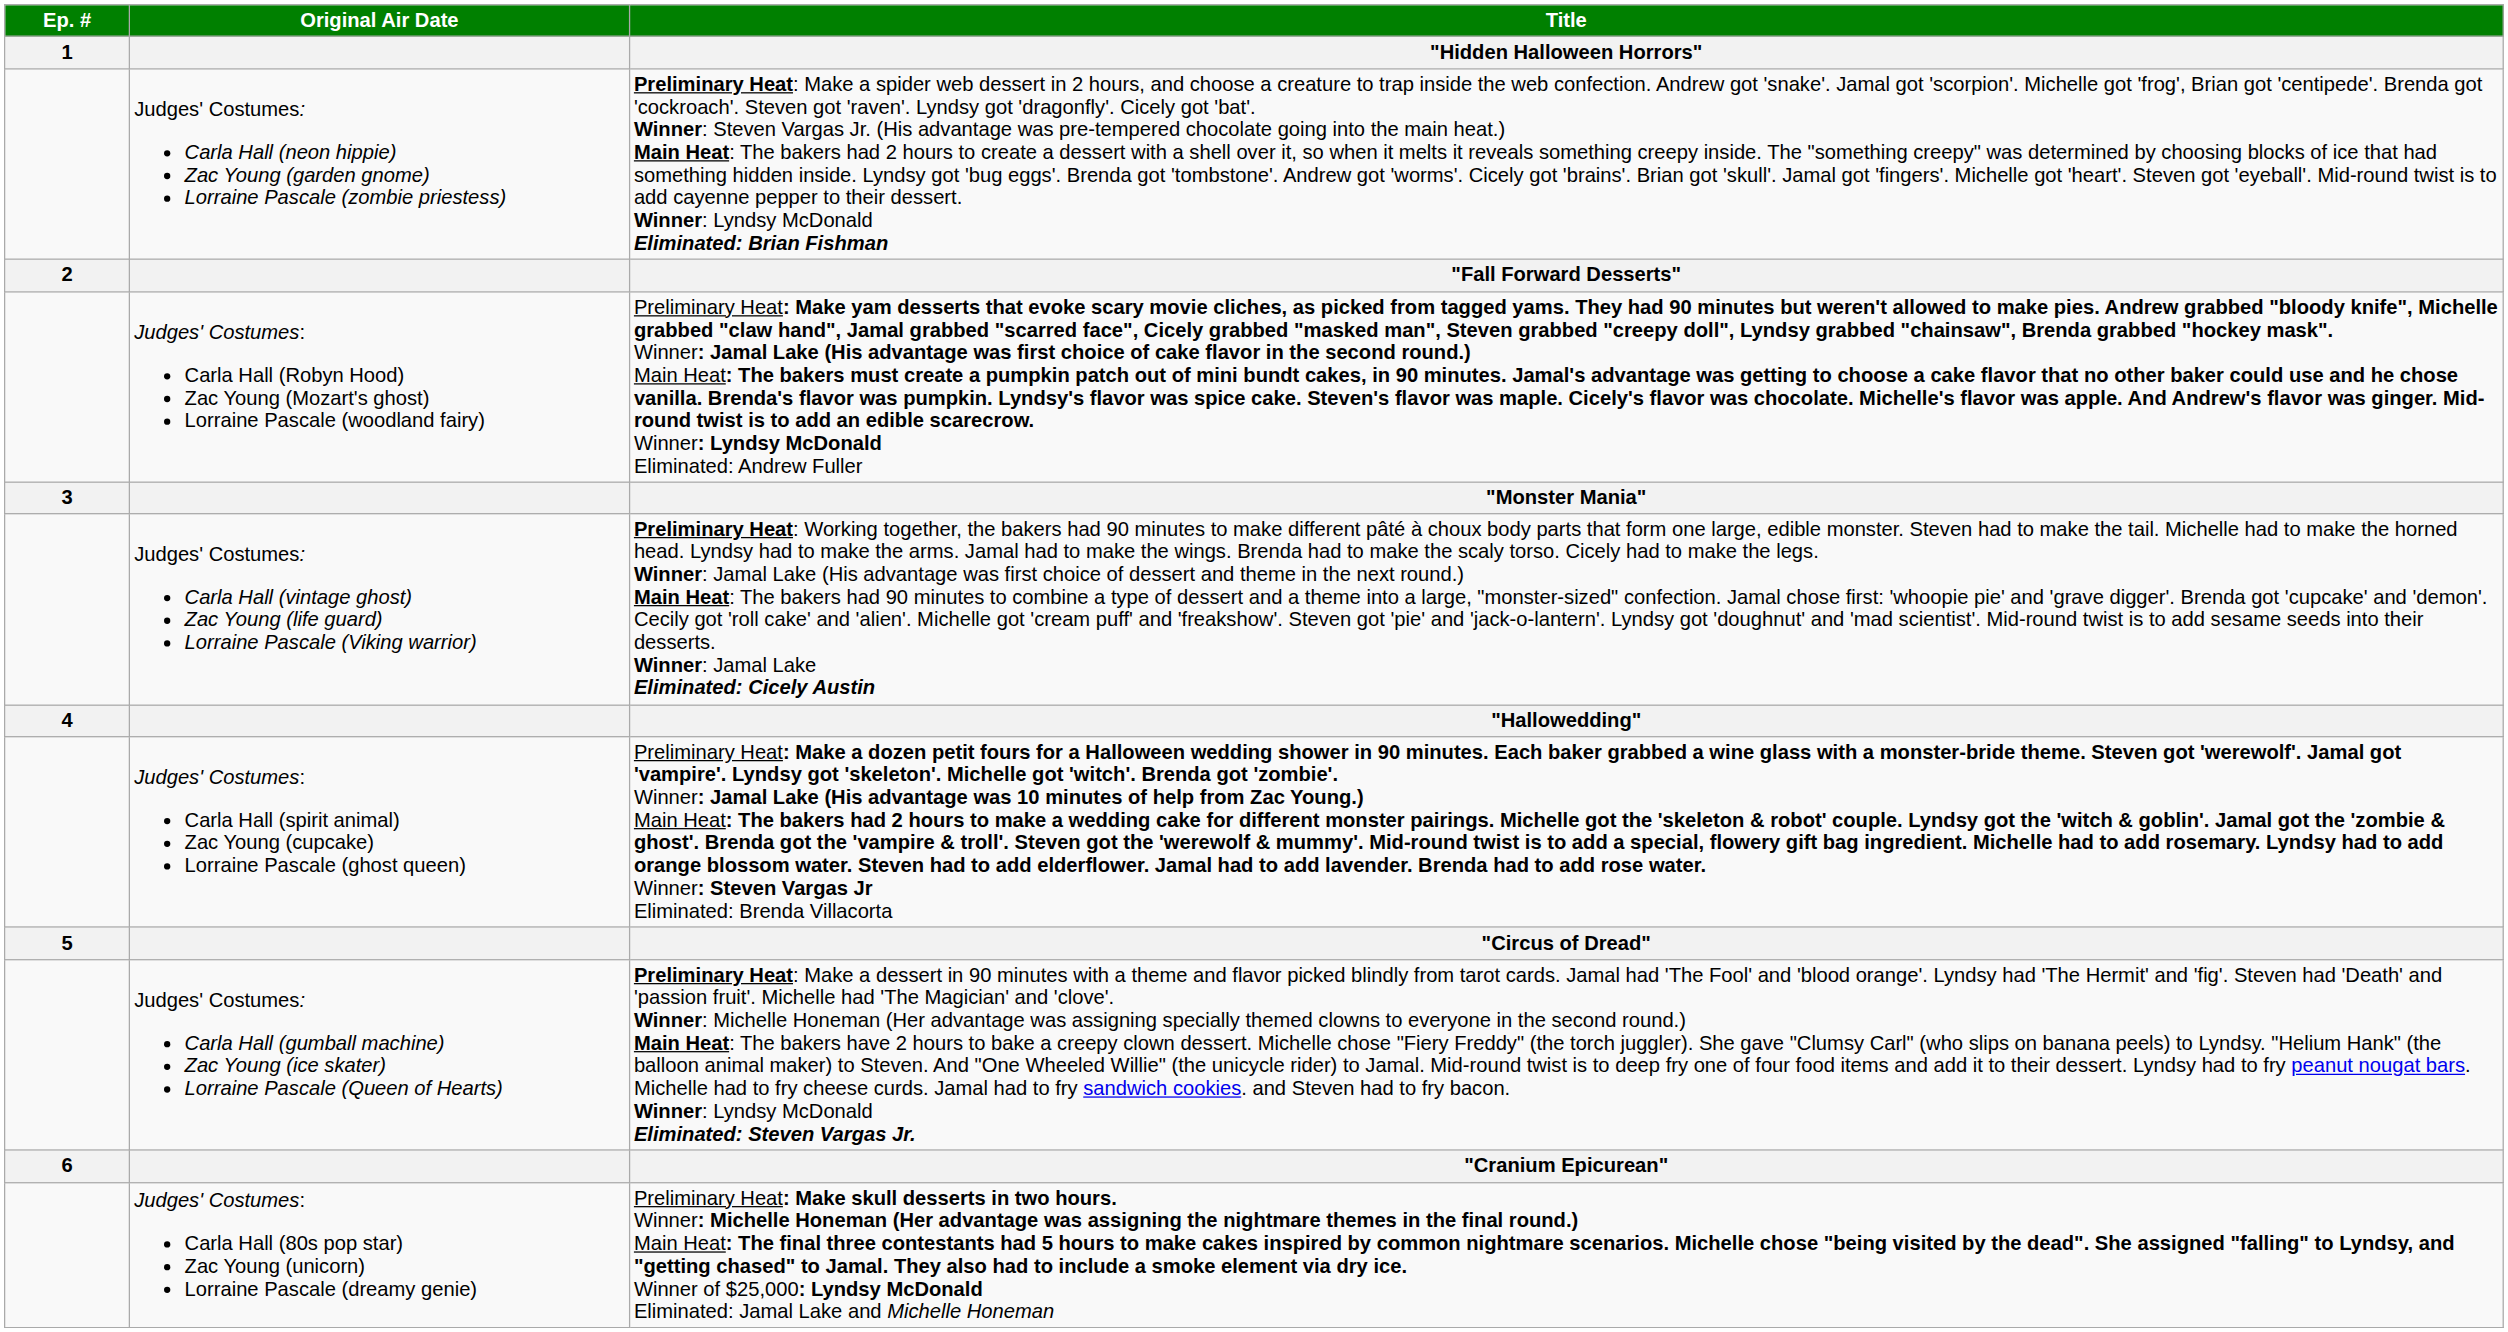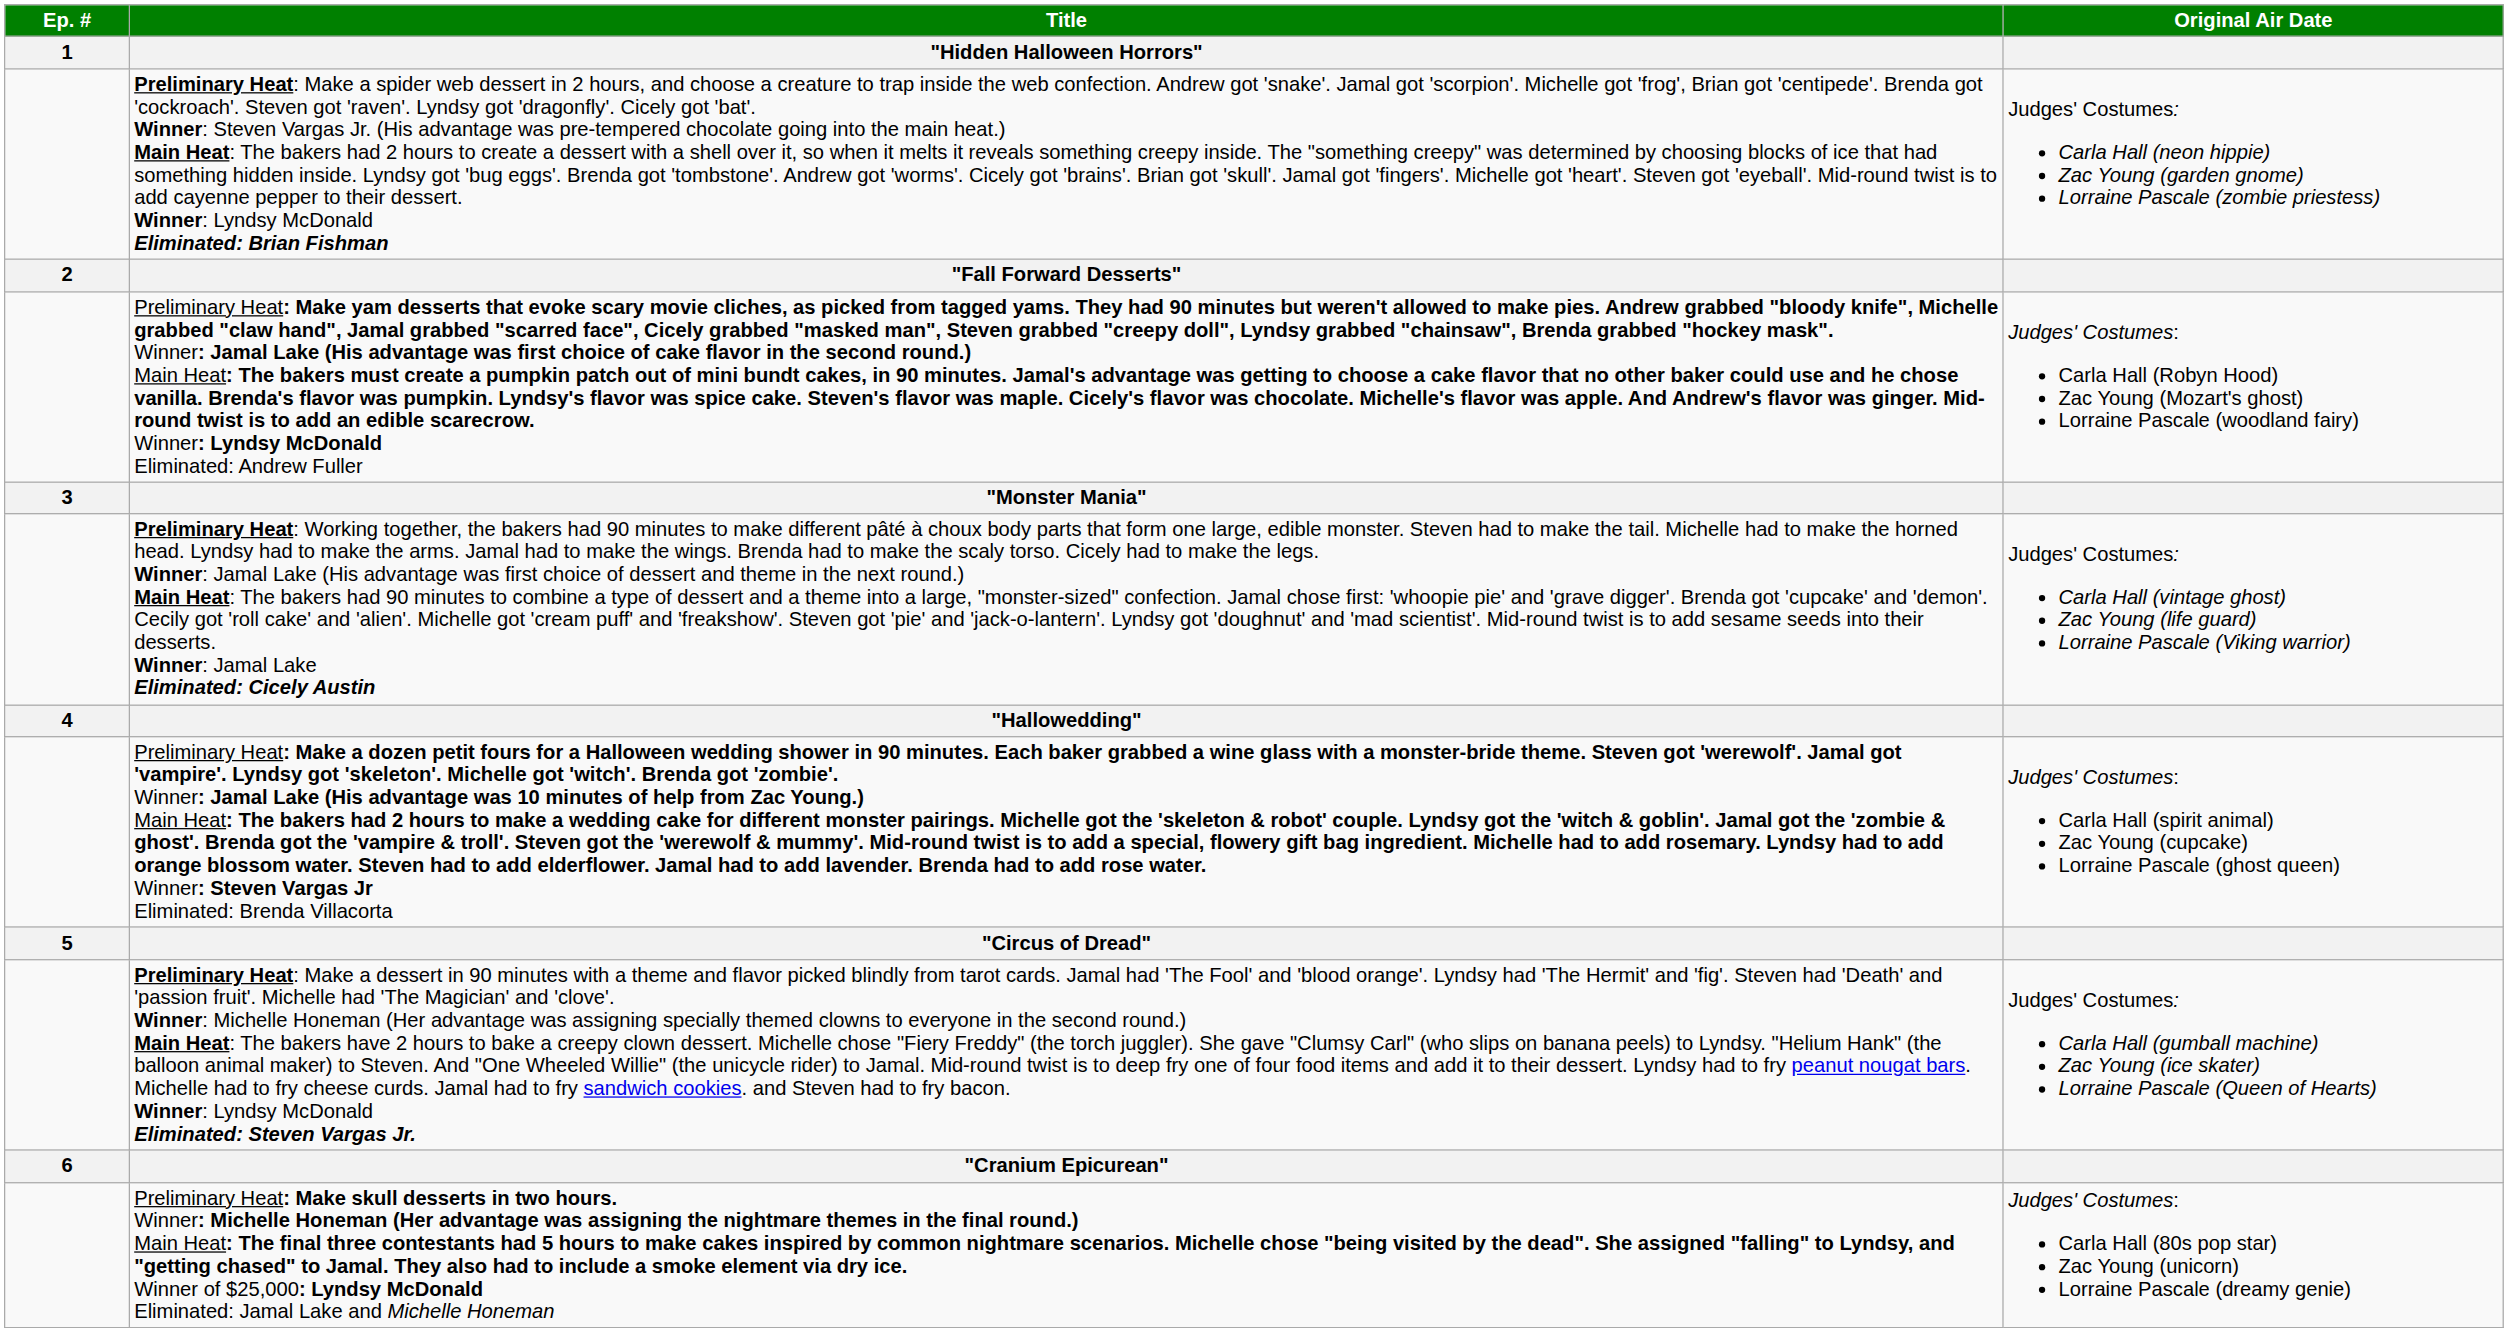 <table class="wikitable plainrowheaders" style="width:100%">
 <tr>
 <th style="background-color: #008000; color: #fff;" width=5%>Ep. #</th>
+<th style="background-color: #008000; color: #fff;">Title</th>
 <th style="background-color: #008000; color: #fff;" width=20%>Original Air Date</th>
-<th style="background-color: #008000; color: #fff;">Title</th>
 </tr>
 <tr>
 <th align="center">1</th>
+<th>"Hidden Halloween Horrors"</th>
 <th align="center"></th>
-<th>"Hidden Halloween Horrors"</th>
 </tr>
 <tr>
 <td></td>
+<td><strong><u>Preliminary Heat</u></strong>: Make a spider web dessert in 2 hours, and choose a creature to trap inside the web confection. Andrew got 'snake'. Jamal got 'scorpion'. Michelle got 'frog', Brian got 'centipede'. Brenda got 'cockroach'. Steven got 'raven'. Lyndsy got 'dragonfly'. Cicely got 'bat'.<br><strong>Winner</strong>: Steven Vargas Jr. (His advantage was pre-tempered chocolate going into the main heat.)<br><strong><u>Main Heat</u></strong>: The bakers had 2 hours to create a dessert with a shell over it, so when it melts it reveals something creepy inside. The "something creepy" was determined by choosing blocks of ice that had something hidden inside. Lyndsy got 'bug eggs'. Brenda got 'tombstone'. Andrew got 'worms'.  Cicely got 'brains'. Brian got 'skull'. Jamal got 'fingers'. Michelle got 'heart'. Steven  got 'eyeball'. Mid-round twist is to add cayenne pepper to their dessert.<br><strong>Winner</strong>: Lyndsy McDonald<br><strong><em>Eliminated<strong>:<em> </em>Brian Fishman<em></td>
 <td></em>Judges' Costumes<em>:<br><ul><li>Carla Hall (neon hippie)</li><li>Zac Young (garden gnome)</li><li>Lorraine Pascale (zombie priestess)</li></ul></td>
-<td><strong><u>Preliminary Heat</u></strong>: Make a spider web dessert in 2 hours, and choose a creature to trap inside the web confection. Andrew got 'snake'. Jamal got 'scorpion'. Michelle got 'frog', Brian got 'centipede'. Brenda got 'cockroach'. Steven got 'raven'. Lyndsy got 'dragonfly'. Cicely got 'bat'.<br><strong>Winner</strong>: Steven Vargas Jr. (His advantage was pre-tempered chocolate going into the main heat.)<br><strong><u>Main Heat</u></strong>: The bakers had 2 hours to create a dessert with a shell over it, so when it melts it reveals something creepy inside. The "something creepy" was determined by choosing blocks of ice that had something hidden inside. Lyndsy got 'bug eggs'. Brenda got 'tombstone'. Andrew got 'worms'.  Cicely got 'brains'. Brian got 'skull'. Jamal got 'fingers'. Michelle got 'heart'. Steven  got 'eyeball'. Mid-round twist is to add cayenne pepper to their dessert.<br><strong>Winner</strong>: Lyndsy McDonald<br><strong><em>Eliminated<strong>:<em> </em>Brian Fishman<em></td>
 </tr>
 <tr>
 <th align="center">2</th>
+<th>"Fall Forward Desserts"</th>
 <th align="center"></th>
-<th>"Fall Forward Desserts"</th>
 </tr>
 <tr>
 <td></td>
+<td></strong><u>Preliminary Heat</u><strong>: Make yam desserts that evoke scary movie cliches, as picked from tagged yams. They had 90 minutes but weren't allowed to make pies. Andrew grabbed "bloody knife", Michelle grabbed "claw hand", Jamal grabbed "scarred face", Cicely grabbed "masked man", Steven grabbed "creepy doll", Lyndsy grabbed "chainsaw", Brenda grabbed "hockey mask".<br></strong>Winner<strong>: Jamal Lake (His advantage was first choice of cake flavor in the second round.)<br></strong><u>Main Heat</u><strong>: The bakers must create a pumpkin patch out of mini bundt cakes, in 90 minutes. Jamal's advantage was getting to choose a cake flavor that no other baker could use and he chose vanilla. Brenda's flavor was pumpkin. Lyndsy's flavor was spice cake. Steven's flavor was maple. Cicely's flavor was chocolate. Michelle's flavor was apple. And Andrew's flavor was ginger. Mid-round twist is to add an edible scarecrow.<br></strong>Winner<strong>: Lyndsy McDonald<br></em></strong>Eliminated</strong>: Andrew Fuller</em></td>
 <td><em>Judges' Costumes</em>:<br><ul><li>Carla Hall (Robyn Hood)</li><li>Zac Young (Mozart's ghost)</li><li>Lorraine Pascale (woodland fairy)</li></ul></td>
-<td></strong><u>Preliminary Heat</u><strong>: Make yam desserts that evoke scary movie cliches, as picked from tagged yams. They had 90 minutes but weren't allowed to make pies. Andrew grabbed "bloody knife", Michelle grabbed "claw hand", Jamal grabbed "scarred face", Cicely grabbed "masked man", Steven grabbed "creepy doll", Lyndsy grabbed "chainsaw", Brenda grabbed "hockey mask".<br></strong>Winner<strong>: Jamal Lake (His advantage was first choice of cake flavor in the second round.)<br></strong><u>Main Heat</u><strong>: The bakers must create a pumpkin patch out of mini bundt cakes, in 90 minutes. Jamal's advantage was getting to choose a cake flavor that no other baker could use and he chose vanilla. Brenda's flavor was pumpkin. Lyndsy's flavor was spice cake. Steven's flavor was maple. Cicely's flavor was chocolate. Michelle's flavor was apple. And Andrew's flavor was ginger. Mid-round twist is to add an edible scarecrow.<br></strong>Winner<strong>: Lyndsy McDonald<br></em></strong>Eliminated</strong>: Andrew Fuller</em></td>
 </tr>
 <tr>
 <th align="center">3</th>
+<th>"Monster Mania"</th>
 <th align="center"></th>
-<th>"Monster Mania"</th>
 </tr>
 <tr>
 <td></td>
+<td><strong><u>Preliminary Heat</u></strong>: Working together, the bakers had 90 minutes to make different pâté à choux body parts that form one large, edible monster. Steven had to make the tail. Michelle had to make the horned head. Lyndsy had to make the arms. Jamal had to make the wings. Brenda had to make the scaly torso. Cicely had to make the legs.<br><strong>Winner</strong>: Jamal Lake (His advantage was first choice of dessert and theme in the next round.)<br><strong><u>Main Heat</u></strong>: The bakers had 90 minutes to combine a type of dessert and a theme into a large, "monster-sized" confection. Jamal chose first: 'whoopie pie' and 'grave digger'. Brenda got 'cupcake' and 'demon'. Cecily got 'roll cake' and 'alien'. Michelle got 'cream puff' and 'freakshow'. Steven got 'pie' and 'jack-o-lantern'. Lyndsy got 'doughnut' and 'mad scientist'. Mid-round twist is to add sesame seeds into their desserts.<br><strong>Winner</strong>: Jamal Lake<br><strong><em>Eliminated<strong>: Cicely Austin<em></td>
 <td></em>Judges' Costumes<em>:<br><ul><li>Carla Hall (vintage ghost)</li><li>Zac Young (life guard)</li><li>Lorraine Pascale (Viking warrior)</li></ul></td>
-<td><strong><u>Preliminary Heat</u></strong>: Working together, the bakers had 90 minutes to make different pâté à choux body parts that form one large, edible monster. Steven had to make the tail. Michelle had to make the horned head. Lyndsy had to make the arms. Jamal had to make the wings. Brenda had to make the scaly torso. Cicely had to make the legs.<br><strong>Winner</strong>: Jamal Lake (His advantage was first choice of dessert and theme in the next round.)<br><strong><u>Main Heat</u></strong>: The bakers had 90 minutes to combine a type of dessert and a theme into a large, "monster-sized" confection. Jamal chose first: 'whoopie pie' and 'grave digger'. Brenda got 'cupcake' and 'demon'. Cecily got 'roll cake' and 'alien'. Michelle got 'cream puff' and 'freakshow'. Steven got 'pie' and 'jack-o-lantern'. Lyndsy got 'doughnut' and 'mad scientist'. Mid-round twist is to add sesame seeds into their desserts.<br><strong>Winner</strong>: Jamal Lake<br><strong><em>Eliminated<strong>: Cicely Austin<em></td>
 </tr>
 <tr>
 <th align="center">4</th>
+<th>"Hallowedding"</th>
 <th align="center"></th>
-<th>"Hallowedding"</th>
 </tr>
 <tr>
 <td></td>
+<td></strong><u>Preliminary Heat</u><strong>: Make a dozen petit fours for a Halloween wedding shower in 90 minutes. Each baker grabbed a wine glass with a monster-bride theme. Steven got 'werewolf'. Jamal got 'vampire'. Lyndsy got 'skeleton'. Michelle got 'witch'. Brenda got 'zombie'.<br></strong>Winner<strong>: Jamal Lake (His advantage was 10 minutes of help from Zac Young.)<br></strong><u>Main Heat</u><strong>: The bakers had 2 hours to make a wedding cake for different monster pairings. Michelle got the 'skeleton & robot' couple. Lyndsy got the 'witch & goblin'. Jamal got the 'zombie & ghost'. Brenda got the 'vampire & troll'. Steven got the 'werewolf & mummy'. Mid-round twist is to add a special, flowery gift bag ingredient. Michelle had to add rosemary. Lyndsy had to add orange blossom water. Steven had to add elderflower. Jamal had to add lavender. Brenda had to add rose water.<br></strong>Winner<strong>: Steven Vargas Jr<br></em></strong>Eliminated</strong>: Brenda Villacorta</em></td>
 <td><em>Judges' Costumes</em>:<br><ul><li>Carla Hall (spirit animal)</li><li>Zac Young (cupcake)</li><li>Lorraine Pascale (ghost queen)</li></ul></td>
-<td></strong><u>Preliminary Heat</u><strong>: Make a dozen petit fours for a Halloween wedding shower in 90 minutes. Each baker grabbed a wine glass with a monster-bride theme. Steven got 'werewolf'. Jamal got 'vampire'. Lyndsy got 'skeleton'. Michelle got 'witch'. Brenda got 'zombie'.<br></strong>Winner<strong>: Jamal Lake (His advantage was 10 minutes of help from Zac Young.)<br></strong><u>Main Heat</u><strong>: The bakers had 2 hours to make a wedding cake for different monster pairings. Michelle got the 'skeleton & robot' couple. Lyndsy got the 'witch & goblin'. Jamal got the 'zombie & ghost'. Brenda got the 'vampire & troll'. Steven got the 'werewolf & mummy'. Mid-round twist is to add a special, flowery gift bag ingredient. Michelle had to add rosemary. Lyndsy had to add orange blossom water. Steven had to add elderflower. Jamal had to add lavender. Brenda had to add rose water.<br></strong>Winner<strong>: Steven Vargas Jr<br></em></strong>Eliminated</strong>: Brenda Villacorta</em></td>
 </tr>
 <tr>
 <th align="center">5</th>
+<th>"Circus of Dread"</th>
 <th align="center"></th>
-<th>"Circus of Dread"</th>
 </tr>
 <tr>
 <td></td>
+<td><strong><u>Preliminary Heat</u></strong>: Make a dessert in 90 minutes with a theme and flavor picked blindly from tarot cards. Jamal had 'The Fool' and 'blood orange'. Lyndsy had 'The Hermit' and 'fig'. Steven had 'Death' and 'passion fruit'. Michelle had 'The Magician' and 'clove'.<br><strong>Winner</strong>: Michelle Honeman (Her advantage was assigning specially themed clowns to everyone in the second round.)<br><strong><u>Main Heat</u></strong>: The bakers have 2 hours to bake a creepy clown dessert. Michelle chose "Fiery Freddy" (the torch juggler). She gave "Clumsy Carl" (who slips on banana peels) to Lyndsy. "Helium Hank" (the balloon animal maker) to Steven. And "One Wheeled Willie" (the unicycle rider) to Jamal. Mid-round twist is to deep fry one of four food items and add it to their dessert. Lyndsy had to fry <a href='#'>peanut nougat bars</a>. Michelle had to fry cheese curds. Jamal had to fry <a href='#'>sandwich cookies</a>. and Steven had to fry bacon.<br><strong>Winner</strong>: Lyndsy McDonald<br><strong><em>Eliminated<strong>: Steven Vargas Jr.<em></td>
 <td></em>Judges' Costumes<em>:<br><ul><li>Carla Hall (gumball machine)</li><li>Zac Young (ice skater)</li><li>Lorraine Pascale (Queen of Hearts)</li></ul></td>
-<td><strong><u>Preliminary Heat</u></strong>: Make a dessert in 90 minutes with a theme and flavor picked blindly from tarot cards. Jamal had 'The Fool' and 'blood orange'. Lyndsy had 'The Hermit' and 'fig'. Steven had 'Death' and 'passion fruit'. Michelle had 'The Magician' and 'clove'.<br><strong>Winner</strong>: Michelle Honeman (Her advantage was assigning specially themed clowns to everyone in the second round.)<br><strong><u>Main Heat</u></strong>: The bakers have 2 hours to bake a creepy clown dessert. Michelle chose "Fiery Freddy" (the torch juggler). She gave "Clumsy Carl" (who slips on banana peels) to Lyndsy. "Helium Hank" (the balloon animal maker) to Steven. And "One Wheeled Willie" (the unicycle rider) to Jamal. Mid-round twist is to deep fry one of four food items and add it to their dessert. Lyndsy had to fry <a href='#'>peanut nougat bars</a>. Michelle had to fry cheese curds. Jamal had to fry <a href='#'>sandwich cookies</a>. and Steven had to fry bacon.<br><strong>Winner</strong>: Lyndsy McDonald<br><strong><em>Eliminated<strong>: Steven Vargas Jr.<em></td>
 </tr>
 <tr>
 <th align="center">6</th>
+<th>"Cranium Epicurean"</th>
 <th align="center"></th>
-<th>"Cranium Epicurean"</th>
 </tr>
 <tr>
 <td></td>
+<td></strong><u>Preliminary Heat</u><strong>: Make skull desserts in two hours.<br></strong>Winner<strong>: Michelle Honeman (Her advantage was assigning the nightmare themes in the final round.)<br></strong><u>Main Heat</u><strong>: The final three contestants had 5 hours to make cakes inspired by common nightmare scenarios. Michelle chose "being visited by the dead". She assigned "falling" to Lyndsy, and "getting chased" to Jamal. They also had to include a smoke element via dry ice.<br></strong>Winner of $25,000<strong>: Lyndsy McDonald<br></em></strong>Eliminated</strong>: Jamal Lake</em> and <em>Michelle Honeman</em></td>
 <td><em>Judges' Costumes</em>:<br><ul><li>Carla Hall (80s pop star)</li><li>Zac Young (unicorn)</li><li>Lorraine Pascale (dreamy genie)</li></ul></td>
-<td></strong><u>Preliminary Heat</u><strong>: Make skull desserts in two hours.<br></strong>Winner<strong>: Michelle Honeman (Her advantage was assigning the nightmare themes in the final round.)<br></strong><u>Main Heat</u><strong>: The final three contestants had 5 hours to make cakes inspired by common nightmare scenarios. Michelle chose "being visited by the dead". She assigned "falling" to Lyndsy, and "getting chased" to Jamal. They also had to include a smoke element via dry ice.<br></strong>Winner of $25,000<strong>: Lyndsy McDonald<br></em></strong>Eliminated</strong>: Jamal Lake</em> and <em>Michelle Honeman</em></td>
 </tr>
 </table>
